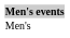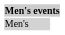 <table>
 <tr bgcolor="#cccccc">
 <td colspan=7><strong>Men's events</strong></td>
 </tr>
 <tr>
-<td>Men's</td>
+<td style="background: lightgrey;">Men's</td>
 <td><strong></strong></td>
 <td></td>
 <td></td>
 </tr>
 </table>
